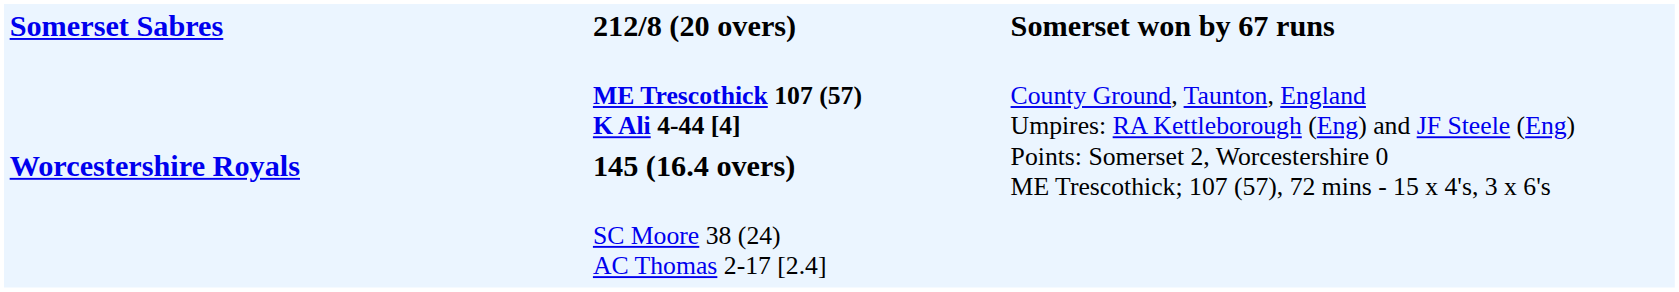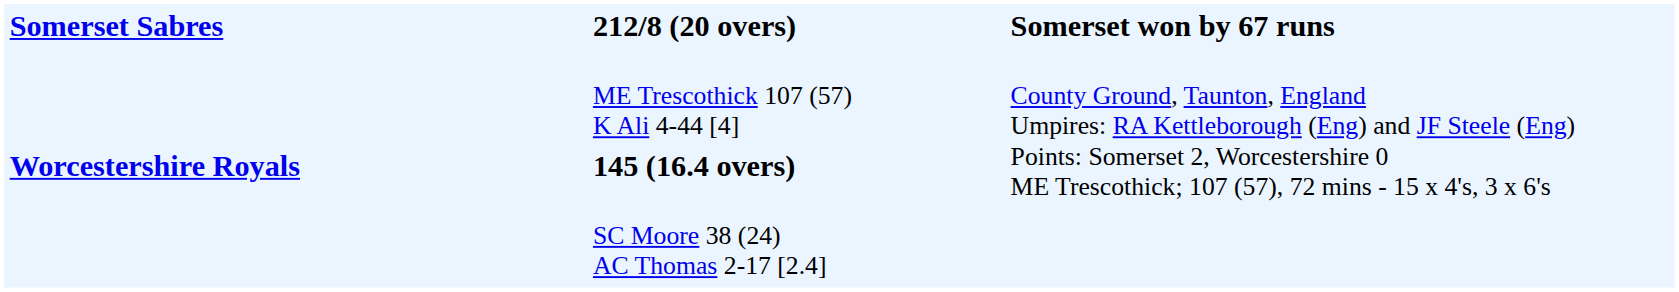 <table style="width:100%; background:#ebf5ff;">
 <tr>
 <td style="width:35%; vertical-align:top;" rowspan="2"><strong><a href='#'>Somerset Sabres</a></strong></td>
 <td style="width:25%;"><strong>212/8 (20 overs)</strong></td>
 <td style="width:40%;"><strong>Somerset won by 67 runs</strong></td>
 </tr>
 <tr>
-<td style="font-size: 85%;"><strong><br><a href='#'>ME Trescothick</a> 107 (57)<br> <a href='#'>K Ali</a> 4-44 [4]</strong></td>
+<td style="font-size: 85%;"><br><a href='#'>ME Trescothick</a> 107 (57)<br> <a href='#'>K Ali</a> 4-44 [4]</td>
 <td style="vertical-align:top; font-size:85%;" rowspan="3"><br><a href='#'>County Ground</a>, <a href='#'>Taunton</a>, <a href='#'>England</a><br> Umpires: <a href='#'>RA Kettleborough</a> (<a href='#'>Eng</a>) and <a href='#'>JF Steele</a> (<a href='#'>Eng</a>)<br> Points: Somerset 2, Worcestershire 0<br>ME Trescothick; 107 (57), 72 mins - 15 x 4's, 3 x 6's</td>
 </tr>
 <tr>
 <td style="vertical-align:top;" rowspan="2"><strong><a href='#'>Worcestershire Royals</a></strong></td>
 <td><strong>145 (16.4 overs)</strong></td>
 </tr>
 <tr>
 <td style="font-size: 85%;"><br><a href='#'>SC Moore</a> 38 (24)<br> <a href='#'>AC Thomas</a> 2-17 [2.4]</td>
 </tr>
 </table>
